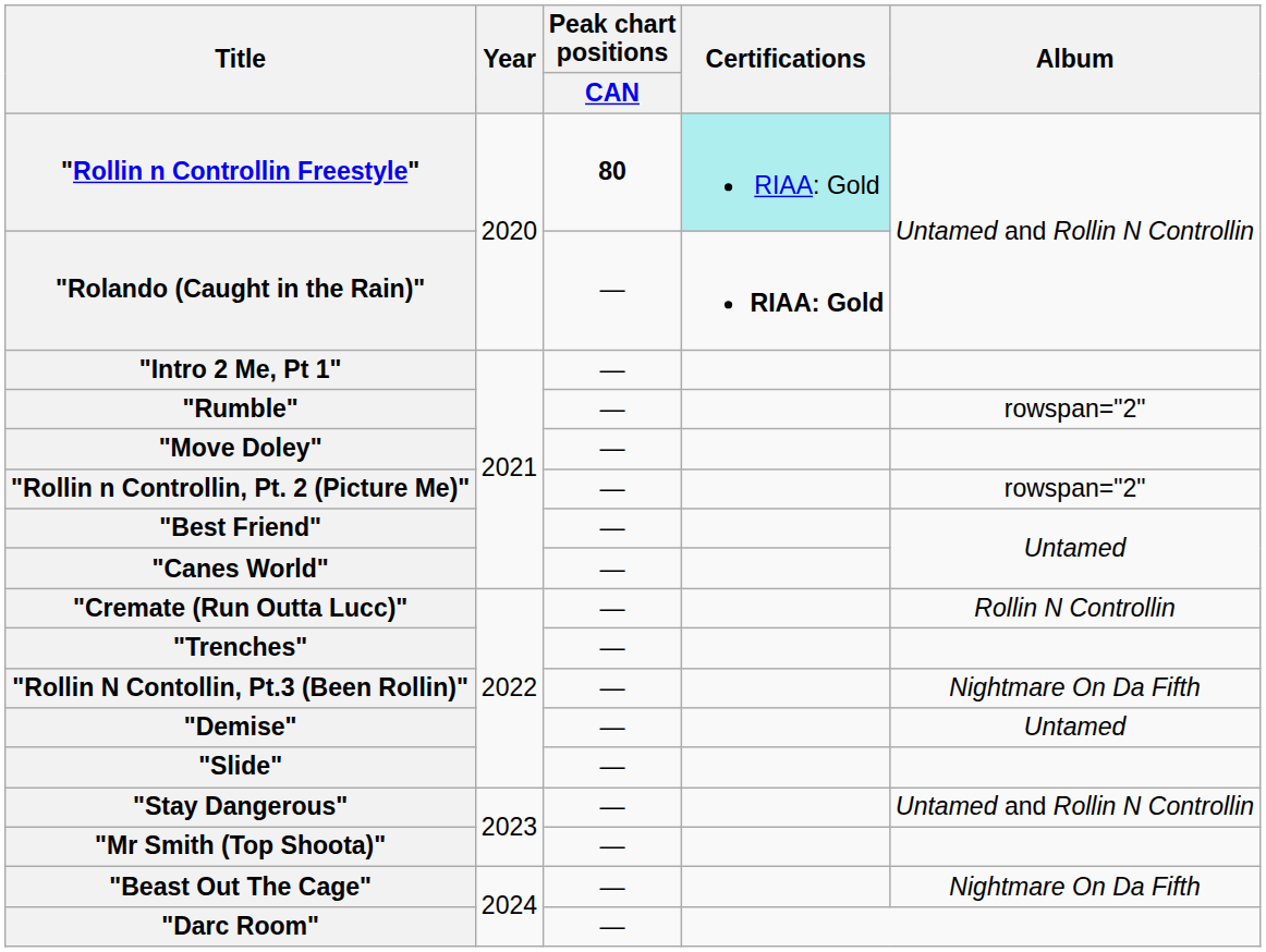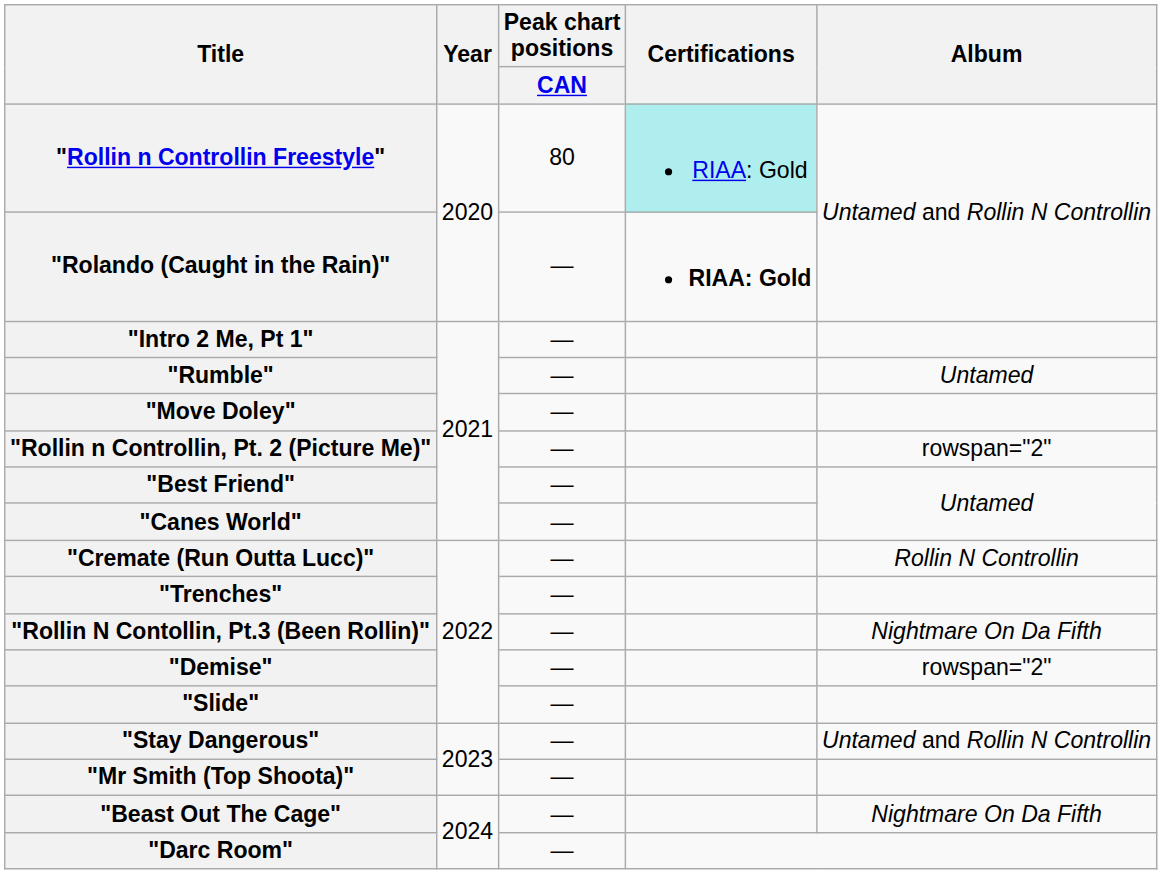 <table class="wikitable plainrowheaders" style="text-align:center">
 <tr>
 <th scope="col" rowspan="2">Title</th>
 <th scope="col" rowspan="2">Year</th>
 <th scope="col" colspan="1">Peak chart<br>positions</th>
 <th scope="col" rowspan="2">Certifications</th>
 <th scope="col" rowspan="2">Album</th>
 </tr>
 <tr>
 <th scope="col"><a href='#'>CAN</a><br></th>
 </tr>
 <tr>
 <th scope="row">"<a href='#'>Rollin n Controllin Freestyle</a>"</th>
 <td rowspan="2">2020</td>
-<td><strong>80</strong></td>
+<td>80</td>
 <td style="background: paleturquoise;"><br><ul><li><a href='#'>RIAA</a>: Gold</li></ul></td>
 <td rowspan="2"><em>Untamed</em> and <em>Rollin N Controllin</em></td>
 </tr>
 <tr>
 <th scope="row">"Rolando (Caught in the Rain)"</th>
 <td>—</td>
 <td><strong><br><ul><li>RIAA: Gold</li></ul></strong></td>
 </tr>
 <tr>
 <th scope="row">"Intro 2 Me, Pt 1"</th>
 <td rowspan="6">2021</td>
 <td>—</td>
 <td></td>
 <td></td>
 </tr>
 <tr>
 <th scope="row">"Rumble"</th>
 <td>—</td>
 <td></td>
-<td>rowspan="2" </td>
+<td><em>Untamed</em></td>
 </tr>
 <tr>
 <th scope="row">"Move Doley"<br></th>
 <td>—</td>
 <td></td>
 <td></td>
 </tr>
 <tr>
 <th scope="row">"Rollin n Controllin, Pt. 2 (Picture Me)"</th>
 <td>—</td>
 <td></td>
 <td>rowspan="2" </td>
 </tr>
 <tr>
 <th scope="row">"Best Friend"<br></th>
 <td>—</td>
 <td></td>
 <td rowspan="2"><em>Untamed</em></td>
 </tr>
 <tr>
 <th scope="row">"Canes World"</th>
 <td>—</td>
 <td></td>
 </tr>
 <tr>
 <th scope="row">"Cremate (Run Outta Lucc)"<br></th>
 <td rowspan="5">2022</td>
 <td>—</td>
 <td></td>
 <td><em>Rollin N Controllin</em></td>
 </tr>
 <tr>
 <th Scope="row">"Trenches"<br></th>
 <td>—</td>
 <td></td>
 <td></td>
 </tr>
 <tr>
 <th scope= "row">"Rollin N Contollin, Pt.3 (Been Rollin)"</th>
 <td>—</td>
 <td></td>
 <td><em>Nightmare On Da Fifth</em></td>
 </tr>
 <tr>
 <th scope= "row">"Demise"<br></th>
 <td>—</td>
 <td></td>
-<td><em>Untamed</em></td>
+<td>rowspan="2" </td>
 </tr>
 <tr>
 <th scope= "row">"Slide"<br></th>
 <td>—</td>
 <td></td>
 </tr>
 <tr>
 <th scope= "row">"Stay Dangerous"<br></th>
 <td rowspan="2">2023</td>
 <td>—</td>
 <td></td>
 <td><em>Untamed</em> and <em>Rollin N Controllin</em></td>
 </tr>
 <tr>
 <th scope= "row">"Mr Smith (Top Shoota)"<br></th>
 <td>—</td>
 <td></td>
 <td></td>
 </tr>
 <tr>
 <th scope="row">"Beast Out The Cage"</th>
 <td rowspan="2">2024</td>
 <td>—</td>
 <td></td>
 <td><em>Nightmare On Da Fifth</em></td>
 </tr>
 <tr>
 <th scope="row">"Darc Room"</th>
 <td>—</td>
 </tr>
 </table>
